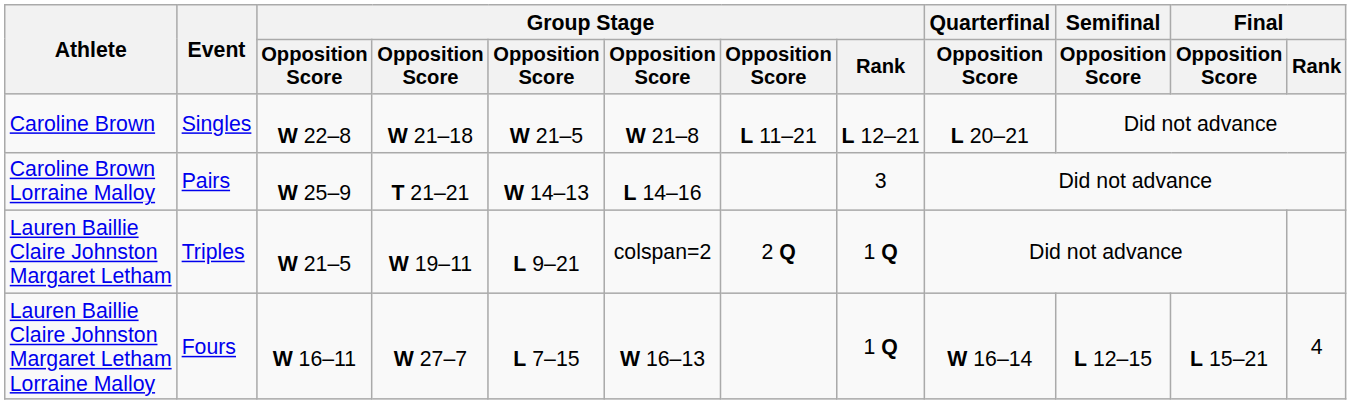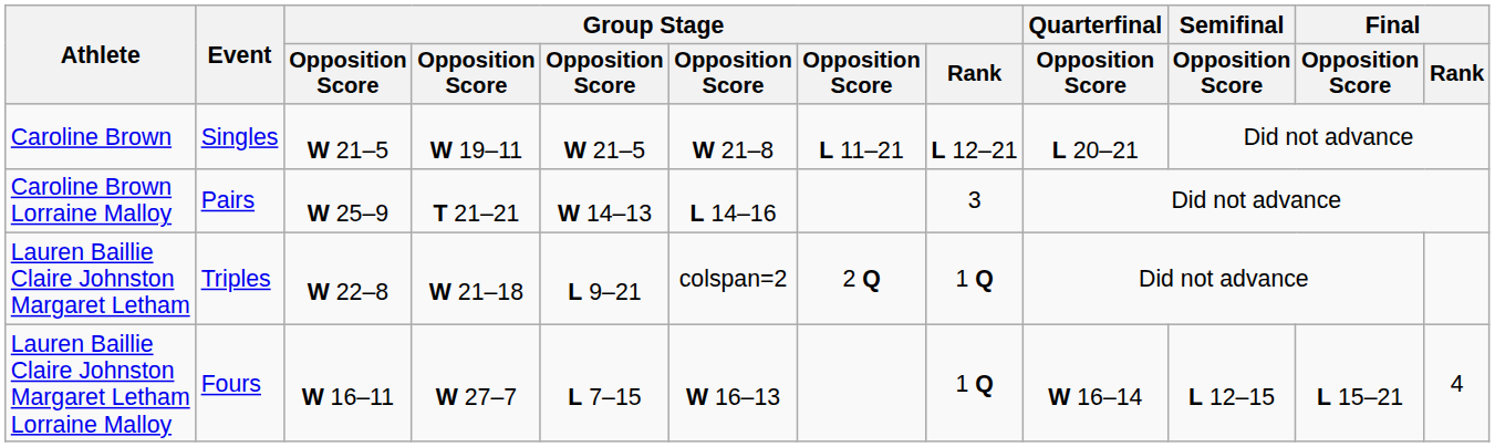 <table class="wikitable" style="font-size:88%">
 <tr>
 <th rowspan=2>Athlete</th>
 <th rowspan=2>Event</th>
 <th colspan=6>Group Stage</th>
 <th>Quarterfinal</th>
 <th>Semifinal</th>
 <th colspan=2>Final</th>
 </tr>
 <tr style="font-size:95%">
 <th>Opposition<br>Score</th>
 <th>Opposition<br>Score</th>
 <th>Opposition<br>Score</th>
 <th>Opposition<br>Score</th>
 <th>Opposition<br>Score</th>
 <th>Rank</th>
 <th>Opposition<br>Score</th>
 <th>Opposition<br>Score</th>
 <th>Opposition<br>Score</th>
 <th>Rank</th>
 </tr>
 <tr align=center>
 <td align=left><a href='#'>Caroline Brown</a></td>
 <td align=left><a href='#'>Singles</a></td>
-<td><br><strong>W</strong> 22–8</td>
-<td><br><strong>W</strong> 21–18</td>
+<td><br><strong>W</strong> 21–5</td>
+<td><br><strong>W</strong> 19–11</td>
 <td><br><strong>W</strong> 21–5</td>
 <td><br><strong>W</strong> 21–8</td>
 <td><br><strong>L</strong> 11–21</td>
 <td><br><strong>L</strong> 12–21</td>
 <td><br><strong>L</strong> 20–21</td>
 <td colspan=3>Did not advance</td>
 </tr>
 <tr align=center>
 <td align=left><a href='#'>Caroline Brown</a><br><a href='#'>Lorraine Malloy</a></td>
 <td align=left><a href='#'>Pairs</a></td>
 <td><br><strong>W</strong> 25–9</td>
 <td><br><strong>T</strong> 21–21</td>
 <td><br><strong>W</strong> 14–13</td>
 <td><br><strong>L</strong> 14–16</td>
 <td></td>
 <td>3</td>
 <td colspan=4>Did not advance</td>
 </tr>
 <tr align=center>
 <td align=left><a href='#'>Lauren Baillie</a><br><a href='#'>Claire Johnston</a><br><a href='#'>Margaret Letham</a></td>
 <td align=left><a href='#'>Triples</a></td>
-<td><br><strong>W</strong> 21–5</td>
-<td><br><strong>W</strong> 19–11</td>
+<td><br><strong>W</strong> 22–8</td>
+<td><br><strong>W</strong> 21–18</td>
 <td><br><strong>L</strong> 9–21</td>
 <td>colspan=2 </td>
 <td>2 <strong>Q</strong></td>
 <td>1 <strong>Q</strong></td>
 <td colspan=3>Did not advance</td>
 </tr>
 <tr align=center>
 <td align=left><a href='#'>Lauren Baillie</a><br><a href='#'>Claire Johnston</a><br><a href='#'>Margaret Letham</a><br><a href='#'>Lorraine Malloy</a></td>
 <td align=left><a href='#'>Fours</a></td>
 <td><br><strong>W</strong> 16–11</td>
 <td><br><strong>W</strong> 27–7</td>
 <td><br><strong>L</strong> 7–15</td>
 <td><br><strong>W</strong> 16–13</td>
 <td></td>
 <td>1 <strong>Q</strong></td>
 <td><br><strong>W</strong> 16–14</td>
 <td><br><strong>L</strong> 12–15</td>
 <td><br><strong>L</strong> 15–21</td>
 <td>4</td>
 </tr>
 </table>
